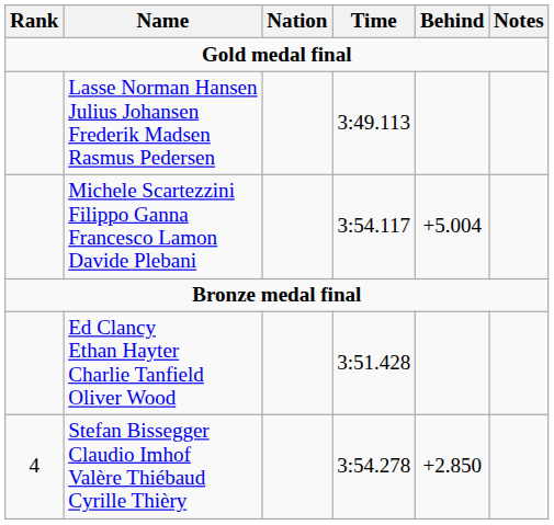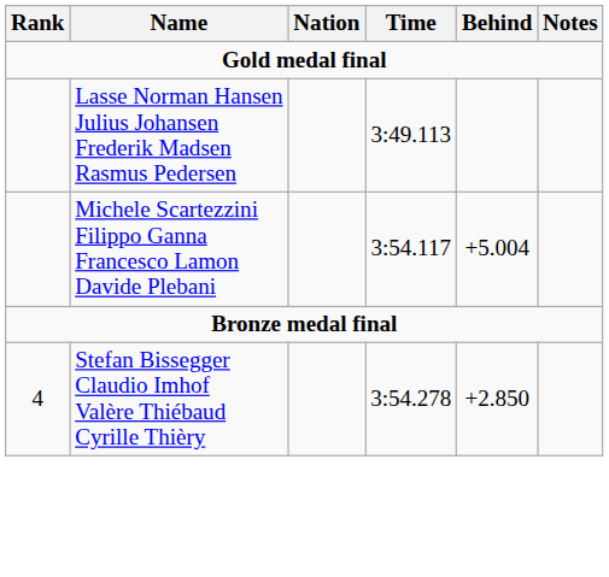 <table class="wikitable" style="text-align:center">
 <tr>
 <th>Rank</th>
 <th>Name</th>
 <th>Nation</th>
 <th>Time</th>
 <th>Behind</th>
 <th>Notes</th>
 </tr>
 <tr>
 <td colspan=6><strong>Gold medal final</strong></td>
 </tr>
 <tr>
 <td></td>
 <td align=left><a href='#'>Lasse Norman Hansen</a><br><a href='#'>Julius Johansen</a><br><a href='#'>Frederik Madsen</a><br><a href='#'>Rasmus Pedersen</a></td>
 <td align=left></td>
 <td>3:49.113</td>
 <td></td>
 <td></td>
 </tr>
 <tr>
 <td></td>
 <td align=left><a href='#'>Michele Scartezzini</a><br><a href='#'>Filippo Ganna</a><br><a href='#'>Francesco Lamon</a><br><a href='#'>Davide Plebani</a></td>
 <td align=left></td>
 <td>3:54.117</td>
 <td>+5.004</td>
 <td></td>
 </tr>
 <tr>
 <td colspan=6><strong>Bronze medal final</strong></td>
 </tr>
 <tr>
-<td></td>
-<td align=left><a href='#'>Ed Clancy</a><br><a href='#'>Ethan Hayter</a><br><a href='#'>Charlie Tanfield</a><br><a href='#'>Oliver Wood</a></td>
-<td align=left></td>
-<td>3:51.428</td>
-<td></td>
-<td></td>
-</tr>
-<tr>
 <td>4</td>
 <td align=left><a href='#'>Stefan Bissegger</a><br><a href='#'>Claudio Imhof</a><br><a href='#'>Valère Thiébaud</a><br><a href='#'>Cyrille Thièry</a></td>
 <td align=left></td>
 <td>3:54.278</td>
 <td>+2.850</td>
 <td></td>
 </tr>
 </table>
